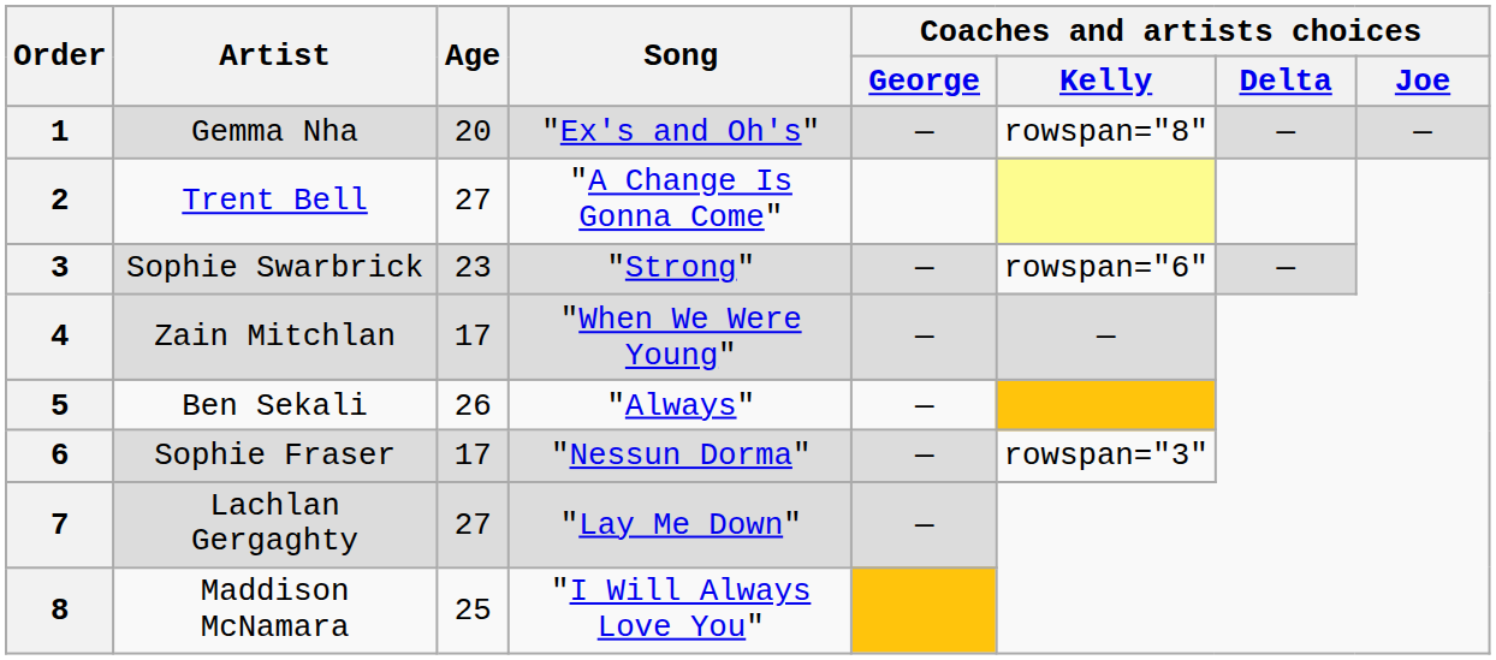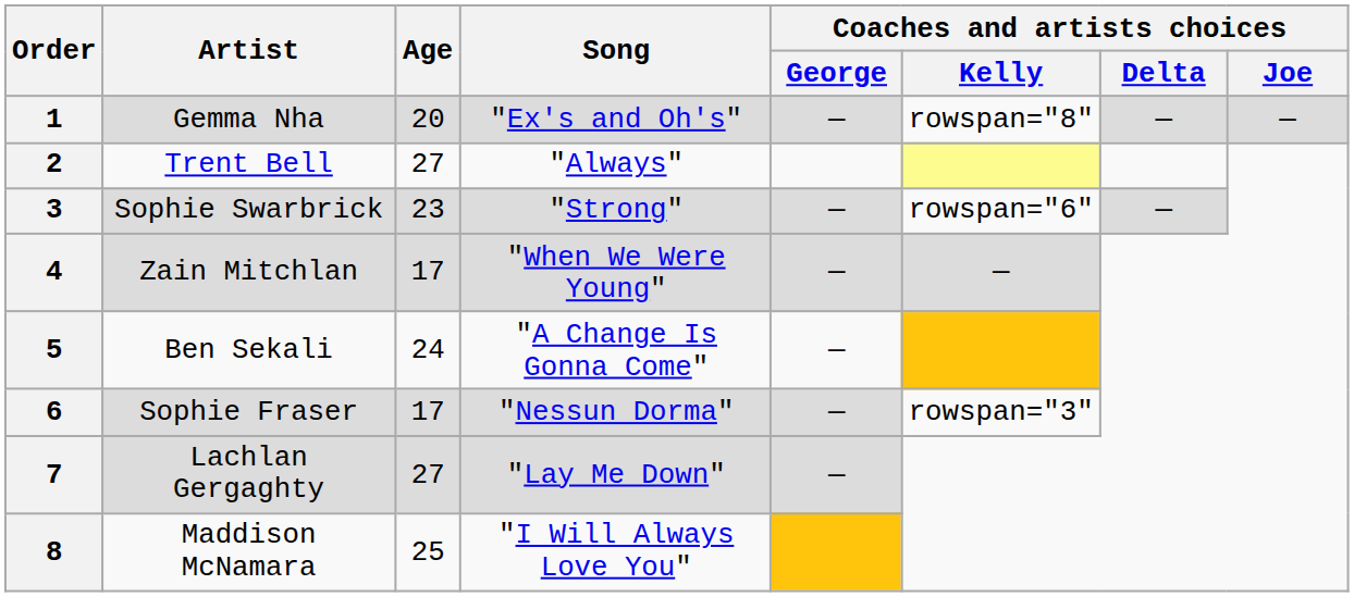 <table class="wikitable" style="text-align:center; width:100%;">
 <tr>
 <th scope="col" rowspan="2" style="width:05%;">Order</th>
 <th scope="col" rowspan="2" style="width:24%;">Artist</th>
 <th scope="col" rowspan="2" style="width:05%;">Age</th>
 <th scope="col" rowspan="2" style="width:26%;">Song</th>
 <th colspan="4" style="width:40%;">Coaches and artists choices</th>
 </tr>
 <tr>
 <th style="width:10%;"><a href='#'>George</a></th>
 <th style="width:10%;"><a href='#'>Kelly</a></th>
 <th style="width:10%;"><a href='#'>Delta</a></th>
 <th style="width:10%;"><a href='#'>Joe</a></th>
 </tr>
 <tr>
 <th>1</th>
 <td style="background-color:#DCDCDC;">Gemma Nha</td>
 <td style="background-color:#DCDCDC;">20</td>
 <td style="background-color:#DCDCDC;">"<a href='#'>Ex's and Oh's</a>"</td>
 <td style="background-color:#DCDCDC;">—</td>
 <td>rowspan="8" </td>
 <td style="background-color:#DCDCDC;">—</td>
 <td style="background-color:#DCDCDC;">—</td>
 </tr>
 <tr>
 <th>2</th>
 <td><a href='#'>Trent Bell</a></td>
 <td>27</td>
-<td>"<a href='#'>A Change Is Gonna Come</a>"</td>
+<td>"<a href='#'>Always</a>"</td>
 <td> <strong></strong> </td>
 <td style="background-color:#FDFC8F;"> <strong></strong> </td>
 <td> <strong></strong> </td>
 </tr>
 <tr>
 <th>3</th>
 <td style="background-color:#DCDCDC;">Sophie Swarbrick</td>
 <td style="background-color:#DCDCDC;">23</td>
 <td style="background-color:#DCDCDC;">"<a href='#'>Strong</a>"</td>
 <td style="background-color:#DCDCDC;">—</td>
 <td>rowspan="6" </td>
 <td style="background-color:#DCDCDC;">—</td>
 </tr>
 <tr>
 <th>4</th>
 <td style="background-color:#DCDCDC;">Zain Mitchlan</td>
 <td style="background-color:#DCDCDC;">17</td>
 <td style="background-color:#DCDCDC;">"<a href='#'>When We Were Young</a>"</td>
 <td style="background-color:#DCDCDC;">—</td>
 <td style="background-color:#DCDCDC;">—</td>
 </tr>
 <tr>
 <th>5</th>
 <td>Ben Sekali</td>
-<td>26</td>
-<td>"<a href='#'>Always</a>"</td>
+<td>24</td>
+<td>"<a href='#'>A Change Is Gonna Come</a>"</td>
 <td>—</td>
 <td style="background-color:#FFC40C;"> <strong></strong> </td>
 </tr>
 <tr>
 <th>6</th>
 <td style="background-color:#DCDCDC;">Sophie Fraser</td>
 <td style="background-color:#DCDCDC;">17</td>
 <td style="background-color:#DCDCDC;">"<a href='#'>Nessun Dorma</a>"</td>
 <td style="background-color:#DCDCDC;">—</td>
 <td>rowspan="3" </td>
 </tr>
 <tr>
 <th>7</th>
 <td style="background-color:#DCDCDC;">Lachlan Gergaghty</td>
 <td style="background-color:#DCDCDC;">27</td>
 <td style="background-color:#DCDCDC;">"<a href='#'>Lay Me Down</a>"</td>
 <td style="background-color:#DCDCDC;">—</td>
 </tr>
 <tr>
 <th>8</th>
 <td>Maddison McNamara</td>
 <td>25</td>
 <td>"<a href='#'>I Will Always Love You</a>"</td>
 <td style="background-color:#FFC40C;"> <strong></strong> </td>
 </tr>
 </table>
